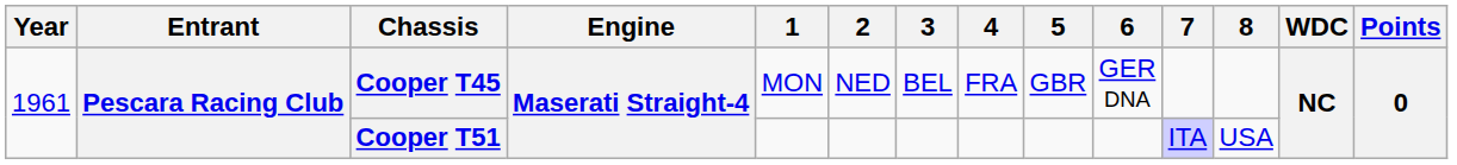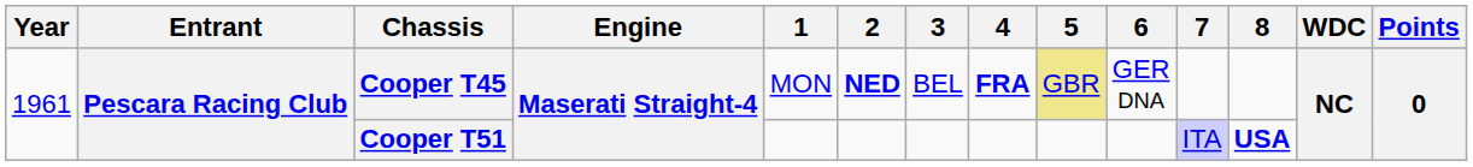 <table class="wikitable" style="text-align:center; font-size:90%">
 <tr>
 <th>Year</th>
 <th>Entrant</th>
 <th>Chassis</th>
 <th>Engine</th>
 <th>1</th>
 <th>2</th>
 <th>3</th>
 <th>4</th>
 <th>5</th>
 <th>6</th>
 <th>7</th>
 <th>8</th>
 <th>WDC</th>
 <th><a href='#'>Points</a></th>
 </tr>
 <tr>
 <td rowspan=2><a href='#'>1961</a></td>
 <th rowspan=2><a href='#'>Pescara Racing Club</a></th>
 <th><a href='#'>Cooper</a> <a href='#'>T45</a></th>
 <th rowspan=2><a href='#'>Maserati</a> <a href='#'>Straight-4</a></th>
 <td><a href='#'>MON</a></td>
-<td><a href='#'>NED</a></td>
+<td><strong><a href='#'>NED</a></strong></td>
 <td><a href='#'>BEL</a></td>
-<td><a href='#'>FRA</a></td>
-<td><a href='#'>GBR</a></td>
+<td><strong><a href='#'>FRA</a></strong></td>
+<td style="background: khaki;"><a href='#'>GBR</a></td>
 <td><a href='#'>GER</a><br><small>DNA</small></td>
 <td></td>
 <td></td>
 <th rowspan=2>NC</th>
 <th rowspan=2>0</th>
 </tr>
 <tr>
 <th><a href='#'>Cooper</a> <a href='#'>T51</a></th>
 <td></td>
 <td></td>
 <td></td>
 <td></td>
 <td></td>
 <td></td>
 <td style="background:#CFCFFF;"><a href='#'>ITA</a><br></td>
-<td><a href='#'>USA</a></td>
+<td><strong><a href='#'>USA</a></strong></td>
 </tr>
 </table>
